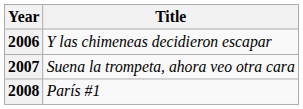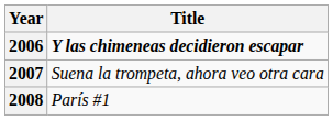 <table class="wikitable">
 <tr>
 <th>Year</th>
 <th>Title</th>
 </tr>
 <tr>
 <th>2006</th>
-<td><em>Y las chimeneas decidieron escapar</em></td>
+<td><strong><em>Y las chimeneas decidieron escapar</em></strong></td>
 </tr>
 <tr>
 <th>2007</th>
 <td><em>Suena la trompeta, ahora veo otra cara</em></td>
 </tr>
 <tr>
 <th>2008</th>
 <td><em>París #1</em></td>
 </tr>
 </table>
